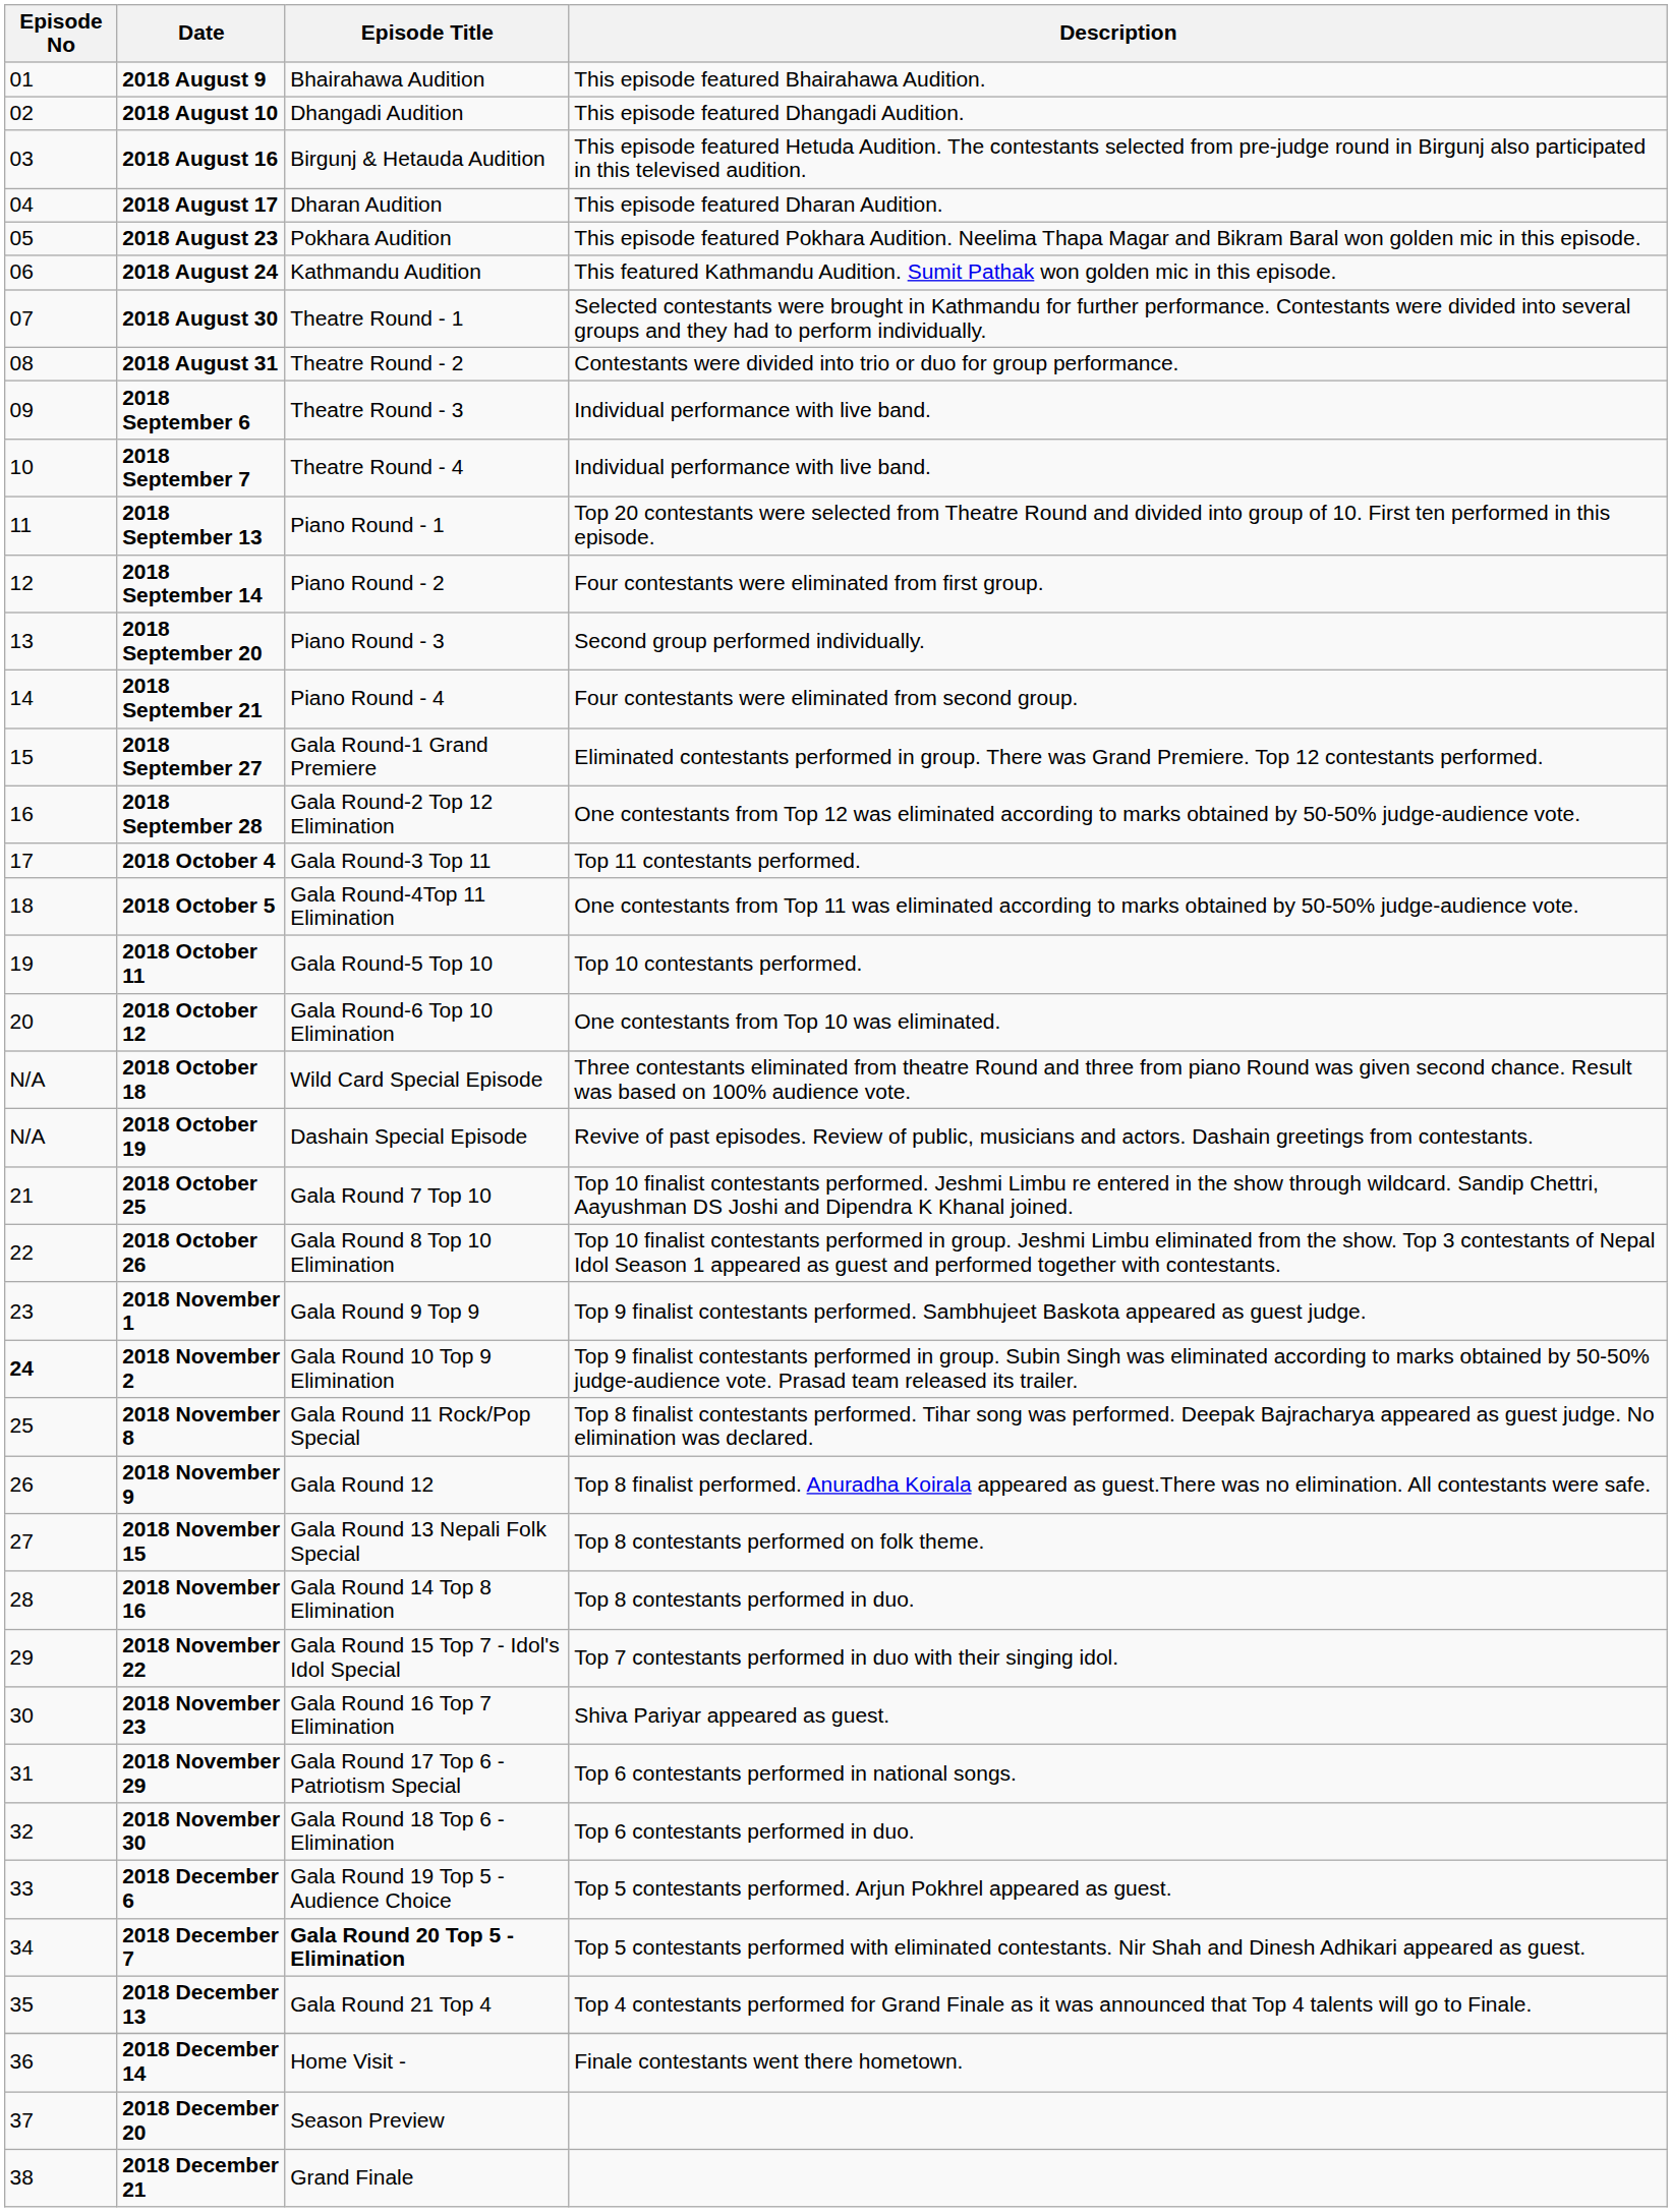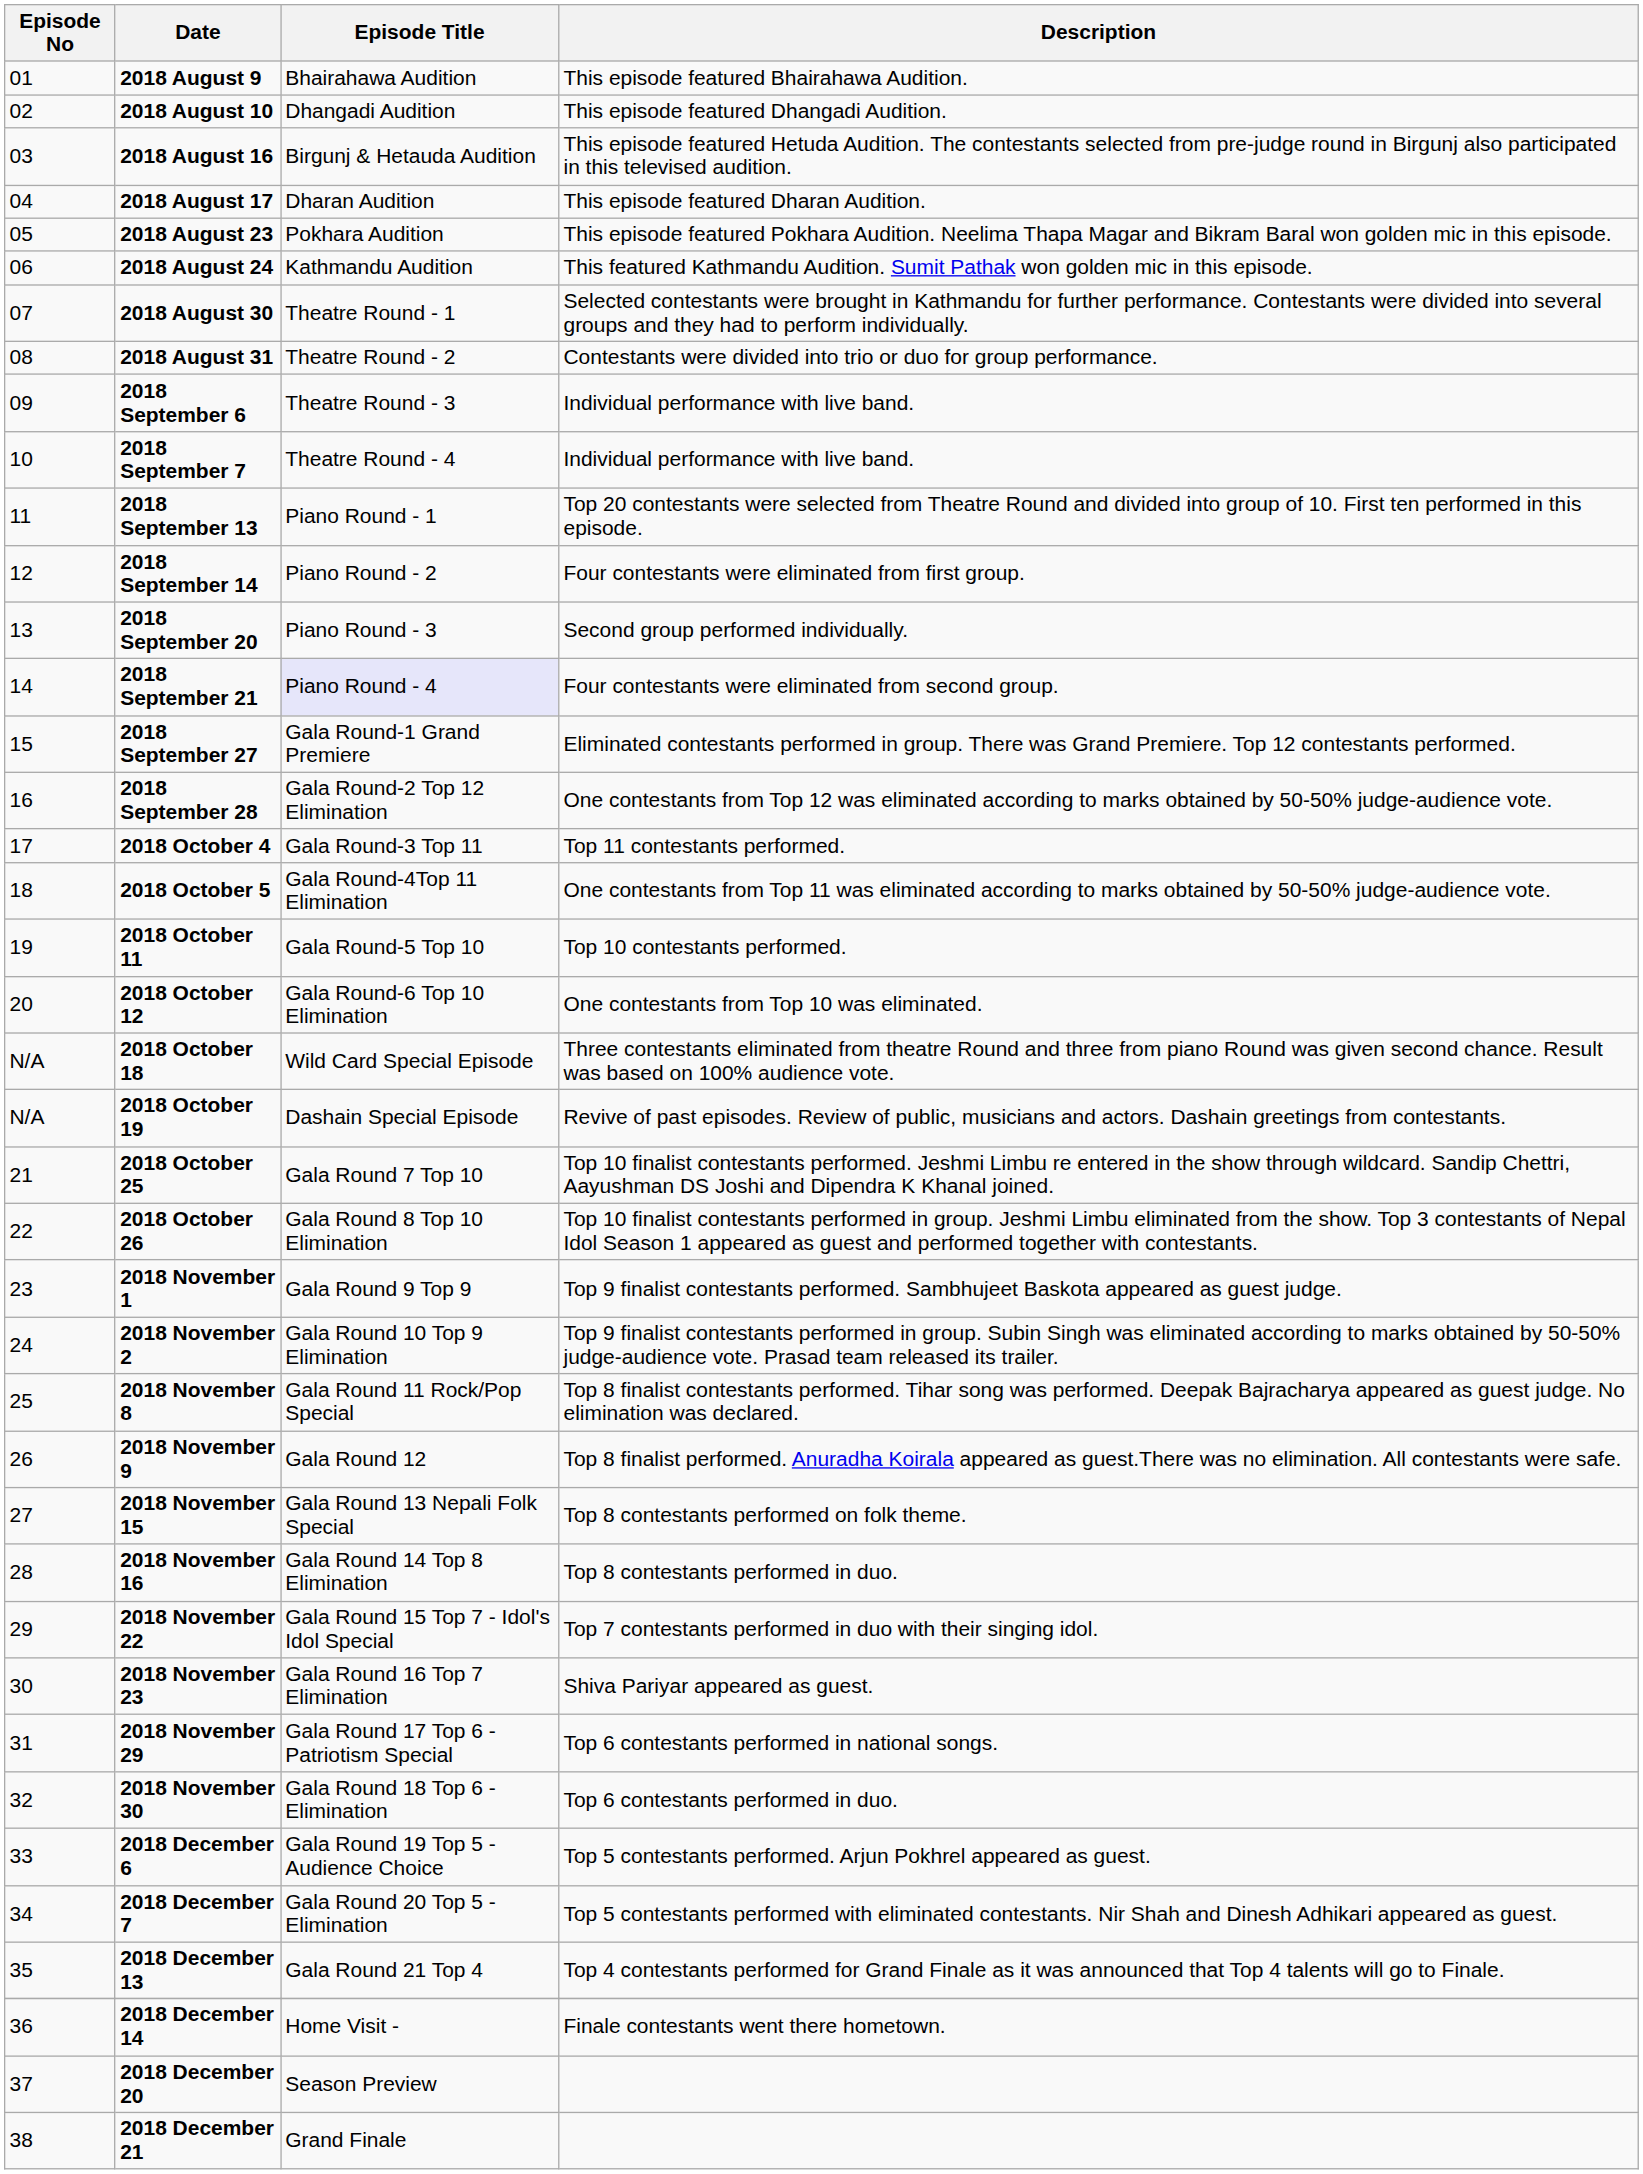 <table class="wikitable">
 <tr>
 <th>Episode No</th>
 <th>Date</th>
 <th>Episode Title</th>
 <th>Description</th>
 </tr>
 <tr>
 <td>01</td>
 <td><strong>2018 August 9</strong></td>
 <td>Bhairahawa Audition</td>
 <td>This episode featured Bhairahawa Audition.</td>
 </tr>
 <tr>
 <td>02</td>
 <td><strong>2018 August 10</strong></td>
 <td>Dhangadi Audition</td>
 <td>This episode featured Dhangadi Audition.</td>
 </tr>
 <tr>
 <td>03</td>
 <td><strong>2018 August 16</strong></td>
 <td>Birgunj & Hetauda Audition</td>
 <td>This episode featured Hetuda Audition. The contestants selected from pre-judge round in Birgunj also participated in this televised audition.</td>
 </tr>
 <tr>
 <td>04</td>
 <td><strong>2018 August 17</strong></td>
 <td>Dharan Audition</td>
 <td>This episode featured Dharan Audition.</td>
 </tr>
 <tr>
 <td>05</td>
 <td><strong>2018 August 23</strong></td>
 <td>Pokhara Audition</td>
 <td>This episode featured Pokhara Audition. Neelima Thapa Magar and Bikram Baral won golden mic in this episode.</td>
 </tr>
 <tr>
 <td>06</td>
 <td><strong>2018 August 24</strong></td>
 <td>Kathmandu Audition</td>
 <td>This featured Kathmandu Audition. <a href='#'>Sumit Pathak</a> won golden mic in this episode.</td>
 </tr>
 <tr>
 <td>07</td>
 <td><strong>2018 August 30</strong></td>
 <td>Theatre Round - 1</td>
 <td>Selected contestants were brought in Kathmandu for further performance. Contestants were divided into several groups and they had to perform individually.</td>
 </tr>
 <tr>
 <td>08</td>
 <td><strong>2018 August 31</strong></td>
 <td>Theatre Round - 2</td>
 <td>Contestants were divided into trio or duo for group performance.</td>
 </tr>
 <tr>
 <td>09</td>
 <td><strong>2018 September 6</strong></td>
 <td>Theatre Round - 3</td>
 <td>Individual performance with live band.</td>
 </tr>
 <tr>
 <td>10</td>
 <td><strong>2018 September 7</strong></td>
 <td>Theatre Round - 4</td>
 <td>Individual performance with live band.</td>
 </tr>
 <tr>
 <td>11</td>
 <td><strong>2018 September 13</strong></td>
 <td>Piano Round - 1</td>
 <td>Top 20 contestants were selected from Theatre Round and divided into group of 10. First ten performed in this episode.</td>
 </tr>
 <tr>
 <td>12</td>
 <td><strong>2018 September 14</strong></td>
 <td>Piano Round - 2</td>
 <td>Four contestants were eliminated from first group.</td>
 </tr>
 <tr>
 <td>13</td>
 <td><strong>2018 September 20</strong></td>
 <td>Piano Round - 3</td>
 <td>Second group performed individually.</td>
 </tr>
 <tr>
 <td>14</td>
 <td><strong>2018 September 21</strong></td>
-<td>Piano Round - 4</td>
+<td style="background: lavender;">Piano Round - 4</td>
 <td>Four contestants were eliminated from second group.</td>
 </tr>
 <tr>
 <td>15</td>
 <td><strong>2018 September 27</strong></td>
 <td>Gala Round-1 Grand Premiere</td>
 <td>Eliminated contestants performed in group. There was Grand Premiere. Top 12 contestants performed.</td>
 </tr>
 <tr>
 <td>16</td>
 <td><strong>2018 September 28</strong></td>
 <td>Gala Round-2 Top 12 Elimination</td>
 <td>One contestants from Top 12 was eliminated according to marks obtained by 50-50% judge-audience vote.</td>
 </tr>
 <tr>
 <td>17</td>
 <td><strong>2018 October 4</strong></td>
 <td>Gala Round-3 Top 11</td>
 <td>Top 11 contestants performed.</td>
 </tr>
 <tr>
 <td>18</td>
 <td><strong>2018 October 5</strong></td>
 <td>Gala Round-4Top 11 Elimination</td>
 <td>One contestants from Top 11 was eliminated according to marks obtained by 50-50% judge-audience vote.</td>
 </tr>
 <tr>
 <td>19</td>
 <td><strong>2018 October 11</strong></td>
 <td>Gala Round-5 Top 10</td>
 <td>Top 10 contestants performed.</td>
 </tr>
 <tr>
 <td>20</td>
 <td><strong>2018 October 12</strong></td>
 <td>Gala Round-6 Top 10 Elimination</td>
 <td>One contestants from Top 10 was eliminated.</td>
 </tr>
 <tr>
 <td>N/A</td>
 <td><strong>2018 October 18</strong></td>
 <td>Wild Card Special Episode</td>
 <td>Three contestants eliminated from theatre Round and three from piano Round was given second chance. Result was based on 100% audience vote.</td>
 </tr>
 <tr>
 <td>N/A</td>
 <td><strong>2018 October 19</strong></td>
 <td>Dashain Special Episode</td>
 <td>Revive of past episodes. Review of public, musicians and actors. Dashain greetings from contestants.</td>
 </tr>
 <tr>
 <td>21</td>
 <td><strong>2018 October 25</strong></td>
 <td>Gala Round 7 Top 10</td>
 <td>Top 10 finalist contestants performed. Jeshmi Limbu re entered in the show through wildcard. Sandip Chettri, Aayushman DS Joshi and Dipendra K Khanal joined.</td>
 </tr>
 <tr>
 <td>22</td>
 <td><strong>2018 October 26</strong></td>
 <td>Gala Round 8 Top 10 Elimination</td>
 <td>Top 10 finalist contestants performed in group. Jeshmi Limbu eliminated from the show. Top 3 contestants of Nepal Idol Season 1 appeared as guest and performed together with contestants.</td>
 </tr>
 <tr>
 <td>23</td>
 <td><strong>2018 November 1</strong></td>
 <td>Gala Round 9 Top 9</td>
 <td>Top 9 finalist contestants performed. Sambhujeet Baskota appeared as guest judge.</td>
 </tr>
 <tr>
-<td><strong>24</strong></td>
+<td>24</td>
 <td><strong>2018 November 2</strong></td>
 <td>Gala Round 10 Top 9 Elimination</td>
 <td>Top 9 finalist contestants performed in group. Subin Singh was eliminated according to marks obtained by 50-50% judge-audience vote. Prasad team released its trailer.</td>
 </tr>
 <tr>
 <td>25</td>
 <td><strong>2018 November 8</strong></td>
 <td>Gala Round 11 Rock/Pop Special</td>
 <td>Top 8 finalist contestants performed. Tihar song was performed. Deepak Bajracharya appeared as guest judge. No elimination was declared.</td>
 </tr>
 <tr>
 <td>26</td>
 <td><strong>2018 November 9</strong></td>
 <td>Gala Round 12</td>
 <td>Top 8 finalist performed. <a href='#'>Anuradha Koirala</a> appeared as guest.There was no elimination. All contestants were safe.</td>
 </tr>
 <tr>
 <td>27</td>
 <td><strong>2018 November 15</strong></td>
 <td>Gala Round 13 Nepali Folk Special</td>
 <td>Top 8 contestants performed on folk theme.</td>
 </tr>
 <tr>
 <td>28</td>
 <td><strong>2018 November 16</strong></td>
 <td>Gala Round 14 Top 8 Elimination</td>
 <td>Top 8 contestants performed in duo.</td>
 </tr>
 <tr>
 <td>29</td>
 <td><strong>2018 November 22</strong></td>
 <td>Gala Round 15 Top 7 - Idol's Idol Special</td>
 <td>Top 7 contestants performed in duo with their singing idol.</td>
 </tr>
 <tr>
 <td>30</td>
 <td><strong>2018 November 23</strong></td>
 <td>Gala Round 16 Top 7 Elimination</td>
 <td>Shiva Pariyar appeared as guest.</td>
 </tr>
 <tr>
 <td>31</td>
 <td><strong>2018 November 29</strong></td>
 <td>Gala Round 17 Top 6 - Patriotism Special</td>
 <td>Top 6 contestants performed in national songs.</td>
 </tr>
 <tr>
 <td>32</td>
 <td><strong>2018 November 30</strong></td>
 <td>Gala Round 18 Top 6 - Elimination</td>
 <td>Top 6 contestants performed in duo.</td>
 </tr>
 <tr>
 <td>33</td>
 <td><strong>2018 December 6</strong></td>
 <td>Gala Round 19 Top 5 - Audience Choice</td>
 <td>Top 5 contestants performed. Arjun Pokhrel appeared as guest.</td>
 </tr>
 <tr>
 <td>34</td>
 <td><strong>2018 December 7</strong></td>
-<td><strong>Gala Round 20 Top 5 - Elimination</strong></td>
+<td>Gala Round 20 Top 5 - Elimination</td>
 <td>Top 5 contestants performed with eliminated contestants. Nir Shah and Dinesh Adhikari appeared as guest.</td>
 </tr>
 <tr>
 <td>35</td>
 <td><strong>2018 December 13</strong></td>
 <td>Gala Round 21 Top 4</td>
 <td>Top 4 contestants performed for Grand Finale as it was announced that Top 4 talents will go to Finale.</td>
 </tr>
 <tr>
 </tr>
 <tr>
 <td>36</td>
 <td><strong>2018 December 14</strong></td>
 <td>Home Visit -</td>
 <td>Finale contestants went there hometown.</td>
 </tr>
 <tr>
 <td>37</td>
 <td><strong>2018 December 20</strong></td>
 <td>Season Preview</td>
 <td></td>
 </tr>
 <tr>
 <td>38</td>
 <td><strong>2018 December 21</strong></td>
 <td>Grand Finale</td>
 <td></td>
 </tr>
 </table>
